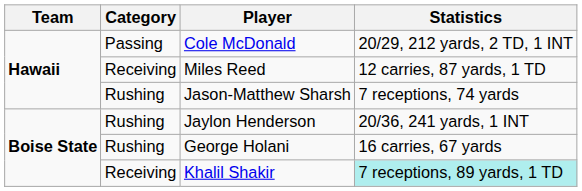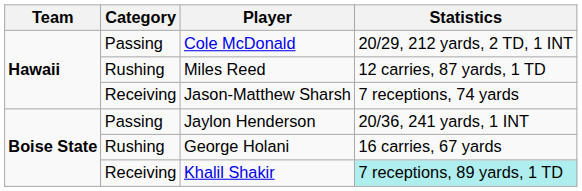 <table class="wikitable" style="float: right;">
 <tr>
 <th>Team</th>
 <th>Category</th>
 <th>Player</th>
 <th>Statistics</th>
 </tr>
 <tr>
 <td rowspan=3><strong>Hawaii</strong></td>
 <td>Passing</td>
 <td><a href='#'>Cole McDonald</a></td>
 <td>20/29, 212 yards, 2 TD, 1 INT</td>
 </tr>
 <tr>
-<td>Receiving</td>
+<td>Rushing</td>
 <td>Miles Reed</td>
 <td>12 carries, 87 yards, 1 TD</td>
 </tr>
 <tr>
-<td>Rushing</td>
+<td>Receiving</td>
 <td>Jason-Matthew Sharsh</td>
 <td>7 receptions, 74 yards</td>
 </tr>
 <tr>
 <td rowspan=3><strong>Boise State</strong></td>
-<td>Rushing</td>
+<td>Passing</td>
 <td>Jaylon Henderson</td>
 <td>20/36, 241 yards, 1 INT</td>
 </tr>
 <tr>
 <td>Rushing</td>
 <td>George Holani</td>
 <td>16 carries, 67 yards</td>
 </tr>
 <tr>
 <td>Receiving</td>
 <td><a href='#'>Khalil Shakir</a></td>
 <td style="background: paleturquoise;">7 receptions, 89 yards, 1 TD</td>
 </tr>
 </table>
